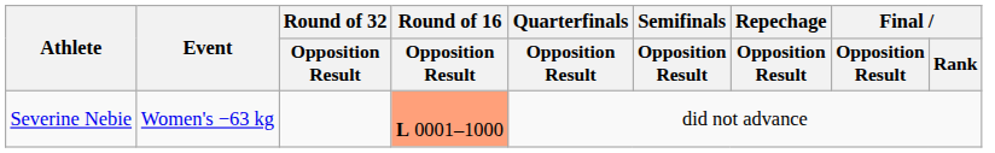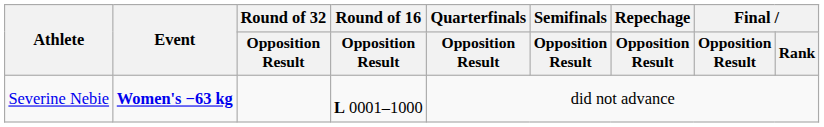 <table class="wikitable" style="font-size:90%">
 <tr>
 <th rowspan=2>Athlete</th>
 <th rowspan=2>Event</th>
 <th>Round of 32</th>
 <th>Round of 16</th>
 <th>Quarterfinals</th>
 <th>Semifinals</th>
 <th>Repechage</th>
 <th colspan=2>Final / </th>
 </tr>
 <tr style="font-size:95%">
 <th>Opposition<br>Result</th>
 <th>Opposition<br>Result</th>
 <th>Opposition<br>Result</th>
 <th>Opposition<br>Result</th>
 <th>Opposition<br>Result</th>
 <th>Opposition<br>Result</th>
 <th>Rank</th>
 </tr>
 <tr align=center>
 <td align=left><a href='#'>Severine Nebie</a></td>
-<td align=left><a href='#'>Women's −63 kg</a></td>
+<td align=left><strong><a href='#'>Women's −63 kg</a></strong></td>
 <td></td>
-<td style="background: lightsalmon;"><br><strong>L</strong> 0001–1000</td>
+<td><br><strong>L</strong> 0001–1000</td>
 <td colspan=5>did not advance</td>
 </tr>
 </table>
